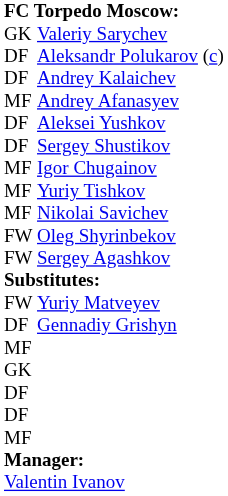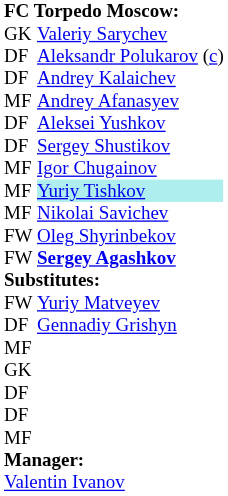 <table style="font-size: 90%" cellspacing="0" cellpadding="0">
 <tr>
 <td colspan="3"><strong>FC Torpedo Moscow:</strong></td>
 </tr>
 <tr>
 <th width="25"></th>
 </tr>
 <tr>
 <td>GK</td>
 <td> <a href='#'>Valeriy Sarychev</a></td>
 </tr>
 <tr>
 <td>DF</td>
 <td> <a href='#'>Aleksandr Polukarov</a>  (<a href='#'>c</a>)</td>
 </tr>
 <tr>
 <td>DF</td>
 <td> <a href='#'>Andrey Kalaichev</a></td>
 </tr>
 <tr>
 <td>MF</td>
 <td> <a href='#'>Andrey Afanasyev</a> </td>
 </tr>
 <tr>
 <td>DF</td>
 <td> <a href='#'>Aleksei Yushkov</a></td>
 </tr>
 <tr>
 <td>DF</td>
 <td> <a href='#'>Sergey Shustikov</a> </td>
 </tr>
 <tr>
 <td>MF</td>
 <td> <a href='#'>Igor Chugainov</a></td>
 </tr>
 <tr>
 <td>MF</td>
-<td> <a href='#'>Yuriy Tishkov</a></td>
+<td style="background: paleturquoise;"> <a href='#'>Yuriy Tishkov</a></td>
 </tr>
 <tr>
 <td>MF</td>
 <td> <a href='#'>Nikolai Savichev</a> </td>
 </tr>
 <tr>
 <td>FW</td>
 <td> <a href='#'>Oleg Shyrinbekov</a></td>
 </tr>
 <tr>
 <td>FW</td>
-<td> <a href='#'>Sergey Agashkov</a></td>
+<td><strong> <a href='#'>Sergey Agashkov</a></strong></td>
 </tr>
 <tr>
 <td colspan=3><strong>Substitutes:</strong></td>
 </tr>
 <tr>
 <td>FW</td>
 <td> <a href='#'>Yuriy Matveyev</a> </td>
 </tr>
 <tr>
 <td>DF</td>
 <td> <a href='#'>Gennadiy Grishyn</a> </td>
 </tr>
 <tr>
 <td>MF</td>
 <td></td>
 </tr>
 <tr>
 <td>GK</td>
 <td></td>
 </tr>
 <tr>
 <td>DF</td>
 <td></td>
 </tr>
 <tr>
 <td>DF</td>
 <td></td>
 </tr>
 <tr>
 <td>MF</td>
 <td></td>
 </tr>
 <tr>
 <td colspan=3><strong>Manager:</strong></td>
 </tr>
 <tr>
 <td colspan="3"> <a href='#'>Valentin Ivanov</a></td>
 </tr>
 </table>
